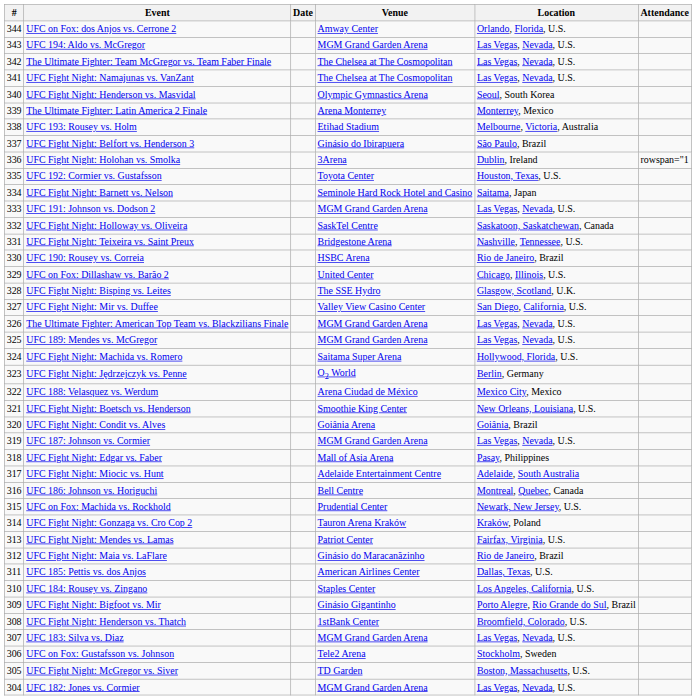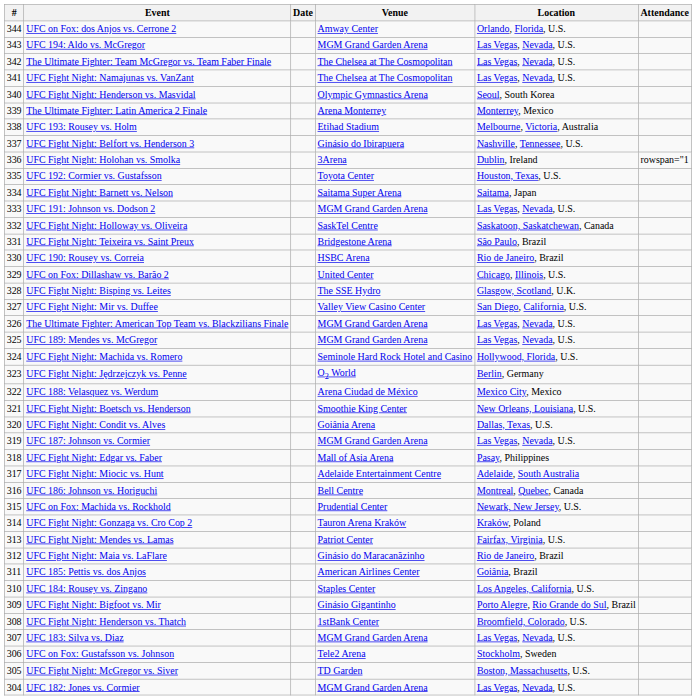 <table class="sortable wikitable succession-box" style="font-size:90%;">
 <tr>
 <th scope="col">#</th>
 <th scope="col">Event</th>
 <th scope="col">Date</th>
 <th scope="col">Venue</th>
 <th scope="col">Location</th>
 <th scope="col">Attendance</th>
 </tr>
 <tr>
 <td>344</td>
 <td><a href='#'>UFC on Fox: dos Anjos vs. Cerrone 2</a></td>
 <td></td>
 <td><a href='#'>Amway Center</a></td>
 <td><a href='#'>Orlando</a>, <a href='#'>Florida</a>, U.S.</td>
 <td></td>
 </tr>
 <tr>
 <td>343</td>
 <td><a href='#'>UFC 194: Aldo vs. McGregor</a></td>
 <td></td>
 <td><a href='#'>MGM Grand Garden Arena</a></td>
 <td><a href='#'>Las Vegas</a>, <a href='#'>Nevada</a>, U.S.</td>
 <td></td>
 </tr>
 <tr>
 <td>342</td>
 <td><a href='#'>The Ultimate Fighter: Team McGregor vs. Team Faber Finale</a></td>
 <td></td>
 <td><a href='#'>The Chelsea at The Cosmopolitan</a></td>
 <td><a href='#'>Las Vegas</a>, <a href='#'>Nevada</a>, U.S.</td>
 <td></td>
 </tr>
 <tr>
 <td>341</td>
 <td><a href='#'>UFC Fight Night: Namajunas vs. VanZant</a></td>
 <td></td>
 <td><a href='#'>The Chelsea at The Cosmopolitan</a></td>
 <td><a href='#'>Las Vegas</a>, <a href='#'>Nevada</a>, U.S.</td>
 <td></td>
 </tr>
 <tr>
 <td>340</td>
 <td><a href='#'>UFC Fight Night: Henderson vs. Masvidal</a></td>
 <td></td>
 <td><a href='#'>Olympic Gymnastics Arena</a></td>
 <td><a href='#'>Seoul</a>, South Korea</td>
 <td></td>
 </tr>
 <tr>
 <td>339</td>
 <td><a href='#'>The Ultimate Fighter: Latin America 2 Finale</a></td>
 <td></td>
 <td><a href='#'>Arena Monterrey</a></td>
 <td><a href='#'>Monterrey</a>, Mexico</td>
 <td></td>
 </tr>
 <tr>
 <td>338</td>
 <td><a href='#'>UFC 193: Rousey vs. Holm</a></td>
 <td></td>
 <td><a href='#'>Etihad Stadium</a></td>
 <td><a href='#'>Melbourne</a>, <a href='#'>Victoria</a>, Australia</td>
 <td></td>
 </tr>
 <tr>
 <td>337</td>
 <td><a href='#'>UFC Fight Night: Belfort vs. Henderson 3</a></td>
 <td></td>
 <td><a href='#'>Ginásio do Ibirapuera</a></td>
-<td><a href='#'>São Paulo</a>, Brazil</td>
+<td><a href='#'>Nashville</a>, <a href='#'>Tennessee</a>, U.S.</td>
 <td></td>
 </tr>
 <tr>
 <td>336</td>
 <td><a href='#'>UFC Fight Night: Holohan vs. Smolka</a></td>
 <td></td>
 <td><a href='#'>3Arena</a></td>
 <td><a href='#'>Dublin</a>, Ireland</td>
 <td>rowspan="1 </td>
 </tr>
 <tr>
 <td>335</td>
 <td><a href='#'>UFC 192: Cormier vs. Gustafsson</a></td>
 <td></td>
 <td><a href='#'>Toyota Center</a></td>
 <td><a href='#'>Houston, Texas</a>, U.S.</td>
 <td></td>
 </tr>
 <tr>
 <td>334</td>
 <td><a href='#'>UFC Fight Night: Barnett vs. Nelson</a></td>
 <td></td>
-<td><a href='#'>Seminole Hard Rock Hotel and Casino</a></td>
+<td><a href='#'>Saitama Super Arena</a></td>
 <td><a href='#'>Saitama</a>, Japan</td>
 <td></td>
 </tr>
 <tr>
 <td>333</td>
 <td><a href='#'>UFC 191: Johnson vs. Dodson 2</a></td>
 <td></td>
 <td><a href='#'>MGM Grand Garden Arena</a></td>
 <td><a href='#'>Las Vegas</a>, <a href='#'>Nevada</a>, U.S.</td>
 <td></td>
 </tr>
 <tr>
 <td>332</td>
 <td><a href='#'>UFC Fight Night: Holloway vs. Oliveira</a></td>
 <td></td>
 <td><a href='#'>SaskTel Centre</a></td>
 <td><a href='#'>Saskatoon, Saskatchewan</a>, Canada</td>
 <td></td>
 </tr>
 <tr>
 <td>331</td>
 <td><a href='#'>UFC Fight Night: Teixeira vs. Saint Preux</a></td>
 <td></td>
 <td><a href='#'>Bridgestone Arena</a></td>
-<td><a href='#'>Nashville</a>, <a href='#'>Tennessee</a>, U.S.</td>
+<td><a href='#'>São Paulo</a>, Brazil</td>
 <td></td>
 </tr>
 <tr>
 <td>330</td>
 <td><a href='#'>UFC 190: Rousey vs. Correia</a></td>
 <td></td>
 <td><a href='#'>HSBC Arena</a></td>
 <td><a href='#'>Rio de Janeiro</a>, Brazil</td>
 <td></td>
 </tr>
 <tr>
 <td>329</td>
 <td><a href='#'>UFC on Fox: Dillashaw vs. Barão 2</a></td>
 <td></td>
 <td><a href='#'>United Center</a></td>
 <td><a href='#'>Chicago</a>, <a href='#'>Illinois</a>, U.S.</td>
 <td></td>
 </tr>
 <tr>
 <td>328</td>
 <td><a href='#'>UFC Fight Night: Bisping vs. Leites</a></td>
 <td></td>
 <td><a href='#'>The SSE Hydro</a></td>
 <td><a href='#'>Glasgow, Scotland</a>, U.K.</td>
 <td></td>
 </tr>
 <tr>
 <td>327</td>
 <td><a href='#'>UFC Fight Night: Mir vs. Duffee</a></td>
 <td></td>
 <td><a href='#'>Valley View Casino Center</a></td>
 <td><a href='#'>San Diego</a>, <a href='#'>California</a>, U.S.</td>
 <td></td>
 </tr>
 <tr>
 <td>326</td>
 <td><a href='#'>The Ultimate Fighter: American Top Team vs. Blackzilians Finale</a></td>
 <td></td>
 <td><a href='#'>MGM Grand Garden Arena</a></td>
 <td><a href='#'>Las Vegas</a>, <a href='#'>Nevada</a>, U.S.</td>
 <td></td>
 </tr>
 <tr>
 <td>325</td>
 <td><a href='#'>UFC 189: Mendes vs. McGregor</a></td>
 <td></td>
 <td><a href='#'>MGM Grand Garden Arena</a></td>
 <td><a href='#'>Las Vegas</a>, <a href='#'>Nevada</a>, U.S.</td>
 <td></td>
 </tr>
 <tr>
 <td>324</td>
 <td><a href='#'>UFC Fight Night: Machida vs. Romero</a></td>
 <td></td>
-<td><a href='#'>Saitama Super Arena</a></td>
+<td><a href='#'>Seminole Hard Rock Hotel and Casino</a></td>
 <td><a href='#'>Hollywood, Florida</a>, U.S.</td>
 <td></td>
 </tr>
 <tr>
 <td>323</td>
 <td><a href='#'>UFC Fight Night: Jędrzejczyk vs. Penne</a></td>
 <td></td>
 <td><a href='#'>O<sub>2</sub> World</a></td>
 <td><a href='#'>Berlin</a>, Germany</td>
 <td></td>
 </tr>
 <tr>
 <td>322</td>
 <td><a href='#'>UFC 188: Velasquez vs. Werdum</a></td>
 <td></td>
 <td><a href='#'>Arena Ciudad de México</a></td>
 <td><a href='#'>Mexico City</a>, Mexico</td>
 <td></td>
 </tr>
 <tr>
 <td>321</td>
 <td><a href='#'>UFC Fight Night: Boetsch vs. Henderson</a></td>
 <td></td>
 <td><a href='#'>Smoothie King Center</a></td>
 <td><a href='#'>New Orleans, Louisiana</a>, U.S.</td>
 <td></td>
 </tr>
 <tr>
 <td>320</td>
 <td><a href='#'>UFC Fight Night: Condit vs. Alves</a></td>
 <td></td>
 <td><a href='#'>Goiânia Arena</a></td>
-<td><a href='#'>Goiânia</a>, Brazil</td>
+<td><a href='#'>Dallas, Texas</a>, U.S.</td>
 <td></td>
 </tr>
 <tr>
 <td>319</td>
 <td><a href='#'>UFC 187: Johnson vs. Cormier</a></td>
 <td></td>
 <td><a href='#'>MGM Grand Garden Arena</a></td>
 <td><a href='#'>Las Vegas</a>, <a href='#'>Nevada</a>, U.S.</td>
 <td></td>
 </tr>
 <tr>
 <td>318</td>
 <td><a href='#'>UFC Fight Night: Edgar vs. Faber</a></td>
 <td></td>
 <td><a href='#'>Mall of Asia Arena</a></td>
 <td><a href='#'>Pasay</a>, Philippines</td>
 <td></td>
 </tr>
 <tr>
 <td>317</td>
 <td><a href='#'>UFC Fight Night: Miocic vs. Hunt</a></td>
 <td></td>
 <td><a href='#'>Adelaide Entertainment Centre</a></td>
 <td><a href='#'>Adelaide</a>, <a href='#'>South Australia</a></td>
 <td></td>
 </tr>
 <tr>
 <td>316</td>
 <td><a href='#'>UFC 186: Johnson vs. Horiguchi</a></td>
 <td></td>
 <td><a href='#'>Bell Centre</a></td>
 <td><a href='#'>Montreal</a>, <a href='#'>Quebec</a>, Canada</td>
 <td></td>
 </tr>
 <tr>
 <td>315</td>
 <td><a href='#'>UFC on Fox: Machida vs. Rockhold</a></td>
 <td></td>
 <td><a href='#'>Prudential Center</a></td>
 <td><a href='#'>Newark, New Jersey</a>, U.S.</td>
 <td></td>
 </tr>
 <tr>
 <td>314</td>
 <td><a href='#'>UFC Fight Night: Gonzaga vs. Cro Cop 2</a></td>
 <td></td>
 <td><a href='#'>Tauron Arena Kraków</a></td>
 <td><a href='#'>Kraków</a>, Poland</td>
 <td></td>
 </tr>
 <tr>
 <td>313</td>
 <td><a href='#'>UFC Fight Night: Mendes vs. Lamas</a></td>
 <td></td>
 <td><a href='#'>Patriot Center</a></td>
 <td><a href='#'>Fairfax, Virginia</a>, U.S.</td>
 <td></td>
 </tr>
 <tr>
 <td>312</td>
 <td><a href='#'>UFC Fight Night: Maia vs. LaFlare</a></td>
 <td></td>
 <td><a href='#'>Ginásio do Maracanãzinho</a></td>
 <td><a href='#'>Rio de Janeiro</a>, Brazil</td>
 <td></td>
 </tr>
 <tr>
 <td>311</td>
 <td><a href='#'>UFC 185: Pettis vs. dos Anjos</a></td>
 <td></td>
 <td><a href='#'>American Airlines Center</a></td>
-<td><a href='#'>Dallas, Texas</a>, U.S.</td>
+<td><a href='#'>Goiânia</a>, Brazil</td>
 <td></td>
 </tr>
 <tr>
 <td>310</td>
 <td><a href='#'>UFC 184: Rousey vs. Zingano</a></td>
 <td></td>
 <td><a href='#'>Staples Center</a></td>
 <td><a href='#'>Los Angeles, California</a>, U.S.</td>
 <td></td>
 </tr>
 <tr>
 <td>309</td>
 <td><a href='#'>UFC Fight Night: Bigfoot vs. Mir</a></td>
 <td></td>
 <td><a href='#'>Ginásio Gigantinho</a></td>
 <td><a href='#'>Porto Alegre</a>, <a href='#'>Rio Grande do Sul</a>, Brazil</td>
 <td></td>
 </tr>
 <tr>
 <td>308</td>
 <td><a href='#'>UFC Fight Night: Henderson vs. Thatch</a></td>
 <td></td>
 <td><a href='#'>1stBank Center</a></td>
 <td><a href='#'>Broomfield, Colorado</a>, U.S.</td>
 <td></td>
 </tr>
 <tr>
 <td>307</td>
 <td><a href='#'>UFC 183: Silva vs. Diaz</a></td>
 <td></td>
 <td><a href='#'>MGM Grand Garden Arena</a></td>
 <td><a href='#'>Las Vegas</a>, <a href='#'>Nevada</a>, U.S.</td>
 <td></td>
 </tr>
 <tr>
 <td>306</td>
 <td><a href='#'>UFC on Fox: Gustafsson vs. Johnson</a></td>
 <td></td>
 <td><a href='#'>Tele2 Arena</a></td>
 <td><a href='#'>Stockholm</a>, Sweden</td>
 <td></td>
 </tr>
 <tr>
 <td>305</td>
 <td><a href='#'>UFC Fight Night: McGregor vs. Siver</a></td>
 <td></td>
 <td><a href='#'>TD Garden</a></td>
 <td><a href='#'>Boston, Massachusetts</a>, U.S.</td>
 <td></td>
 </tr>
 <tr>
 <td>304</td>
 <td><a href='#'>UFC 182: Jones vs. Cormier</a></td>
 <td></td>
 <td><a href='#'>MGM Grand Garden Arena</a></td>
 <td><a href='#'>Las Vegas</a>, <a href='#'>Nevada</a>, U.S.</td>
 <td></td>
 </tr>
 </table>
